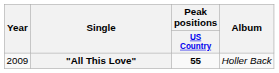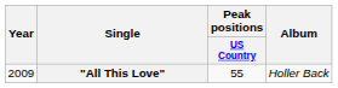 <table class="wikitable plainrowheaders" style="text-align:center;">
 <tr>
 <th rowspan="2">Year</th>
 <th rowspan="2" style="width:14em;">Single</th>
 <th>Peak positions</th>
 <th rowspan="2">Album</th>
 </tr>
 <tr style="font-size:smaller;">
 <th style="width:65px;"><a href='#'>US Country</a></th>
 </tr>
 <tr>
 <td>2009</td>
 <th scope="row">"All This Love"</th>
-<td><strong>55</strong></td>
+<td>55</td>
 <td align=left><em>Holler Back</em></td>
 </tr>
 </table>
